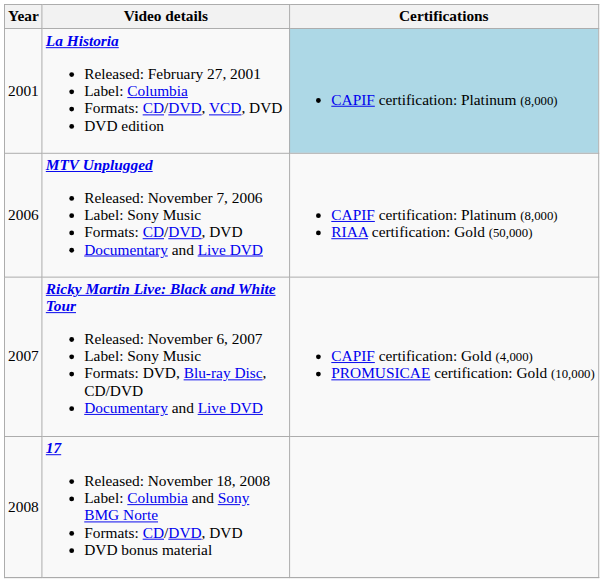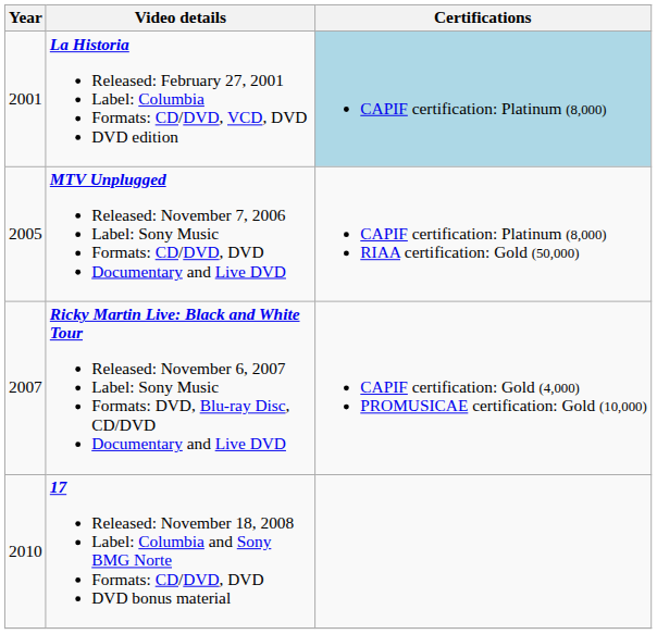 <table class="wikitable">
 <tr>
 <th>Year</th>
 <th style="width:250px;">Video details</th>
 <th>Certifications</th>
 </tr>
 <tr>
 <td>2001</td>
 <td><strong><em><a href='#'>La Historia</a></em></strong><br><ul><li>Released: February 27, 2001</li><li>Label: <a href='#'>Columbia</a></li><li>Formats: <a href='#'>CD</a>/<a href='#'>DVD</a>, <a href='#'>VCD</a>, DVD</li><li>DVD edition</li></ul></td>
 <td style="background: lightblue;"><br><ul><li><a href='#'>CAPIF</a> certification: Platinum <small>(8,000)</small></li></ul></td>
 </tr>
 <tr>
-<td>2006</td>
+<td>2005</td>
 <td><strong><em><a href='#'>MTV Unplugged</a></em></strong><br><ul><li>Released: November 7, 2006</li><li>Label: Sony Music</li><li>Formats: <a href='#'>CD</a>/<a href='#'>DVD</a>, DVD</li><li><a href='#'>Documentary</a> and <a href='#'>Live DVD</a></li></ul></td>
 <td><br><ul><li><a href='#'>CAPIF</a> certification: Platinum <small>(8,000)</small></li><li><a href='#'>RIAA</a> certification: Gold <small>(50,000)</small></li></ul></td>
 </tr>
 <tr>
 <td>2007</td>
 <td><strong><em><a href='#'>Ricky Martin Live: Black and White Tour</a></em></strong><br><ul><li>Released: November 6, 2007</li><li>Label: Sony Music</li><li>Formats: DVD, <a href='#'>Blu-ray Disc</a>, CD/DVD</li><li><a href='#'>Documentary</a> and <a href='#'>Live DVD</a></li></ul></td>
 <td><br><ul><li><a href='#'>CAPIF</a> certification: Gold <small>(4,000)</small></li><li><a href='#'>PROMUSICAE</a> certification: Gold <small>(10,000)</small></li></ul></td>
 </tr>
 <tr>
-<td>2008</td>
+<td>2010</td>
 <td><strong><em><a href='#'>17</a></em></strong><br><ul><li>Released: November 18, 2008</li><li>Label: <a href='#'>Columbia</a> and <a href='#'>Sony BMG Norte</a></li><li>Formats: <a href='#'>CD</a>/<a href='#'>DVD</a>, DVD</li><li>DVD bonus material</li></ul></td>
 <td></td>
 </tr>
 <tr>
 </tr>
 </table>
